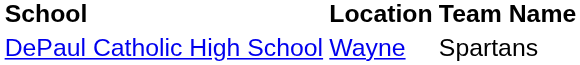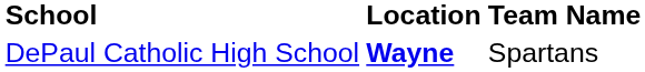 <table>
 <tr>
 <td><strong>School</strong></td>
 <td><strong>Location</strong></td>
 <td><strong>Team Name</strong></td>
 </tr>
 <tr>
 <td><a href='#'>DePaul Catholic High School</a></td>
-<td><a href='#'>Wayne</a></td>
+<td><strong><a href='#'>Wayne</a></strong></td>
 <td>Spartans</td>
 </tr>
 <tr>
 </tr>
 </table>
